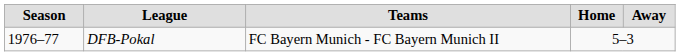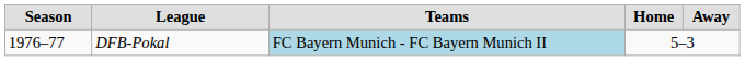 <table class="wikitable">
 <tr style="text-align:center; background:#dfdfdf;">
 <td style="width:80px;"><strong>Season</strong></td>
 <td style="width:170px;"><strong>League</strong></td>
 <td style="width:350px;"><strong>Teams</strong></td>
 <td style="width:50px;"><strong>Home</strong></td>
 <td style="width:50px;"><strong>Away</strong></td>
 </tr>
 <tr>
 <td style="text-align:left;">1976–77</td>
 <td style="text-align:left;"><em>DFB-Pokal</em></td>
-<td style="text-align:left;">FC Bayern Munich - FC Bayern Munich II</td>
+<td style="background: lightblue; text-align:left;">FC Bayern Munich - FC Bayern Munich II</td>
 <td style="text-align:center;" colspan="2">5–3</td>
 </tr>
 </table>
